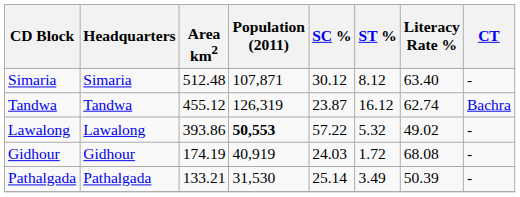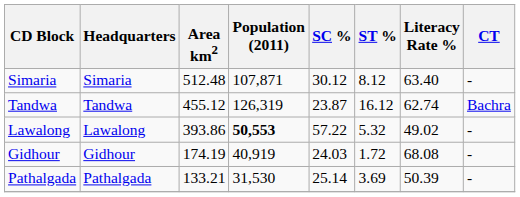 <table class="wikitable sortable">
 <tr>
 <th>CD Block</th>
 <th>Headquarters</th>
 <th><br>Area<br>km<sup>2</sup></th>
 <th>Population<br>(2011)</th>
 <th><a href='#'>SC</a> %</th>
 <th><a href='#'>ST</a> %</th>
 <th>Literacy<br> Rate %</th>
 <th><a href='#'>CT</a></th>
 </tr>
 <tr>
 <td><a href='#'>Simaria</a></td>
 <td><a href='#'>Simaria</a></td>
 <td>512.48</td>
 <td>107,871</td>
 <td>30.12</td>
 <td>8.12</td>
 <td>63.40</td>
 <td>-</td>
 </tr>
 <tr>
 <td><a href='#'>Tandwa</a></td>
 <td><a href='#'>Tandwa</a></td>
 <td>455.12</td>
 <td>126,319</td>
 <td>23.87</td>
 <td>16.12</td>
 <td>62.74</td>
 <td><a href='#'>Bachra</a></td>
 </tr>
 <tr>
 <td><a href='#'>Lawalong</a></td>
 <td><a href='#'>Lawalong</a></td>
 <td>393.86</td>
 <td><strong>50,553</strong></td>
 <td>57.22</td>
 <td>5.32</td>
 <td>49.02</td>
 <td>-</td>
 </tr>
 <tr>
 <td><a href='#'>Gidhour</a></td>
 <td><a href='#'>Gidhour</a></td>
 <td>174.19</td>
 <td>40,919</td>
 <td>24.03</td>
 <td>1.72</td>
 <td>68.08</td>
 <td>-</td>
 </tr>
 <tr>
 <td><a href='#'>Pathalgada</a></td>
 <td><a href='#'>Pathalgada</a></td>
 <td>133.21</td>
 <td>31,530</td>
 <td>25.14</td>
-<td>3.49</td>
+<td>3.69</td>
 <td>50.39</td>
 <td>-</td>
 </tr>
 <tr>
 </tr>
 </table>
